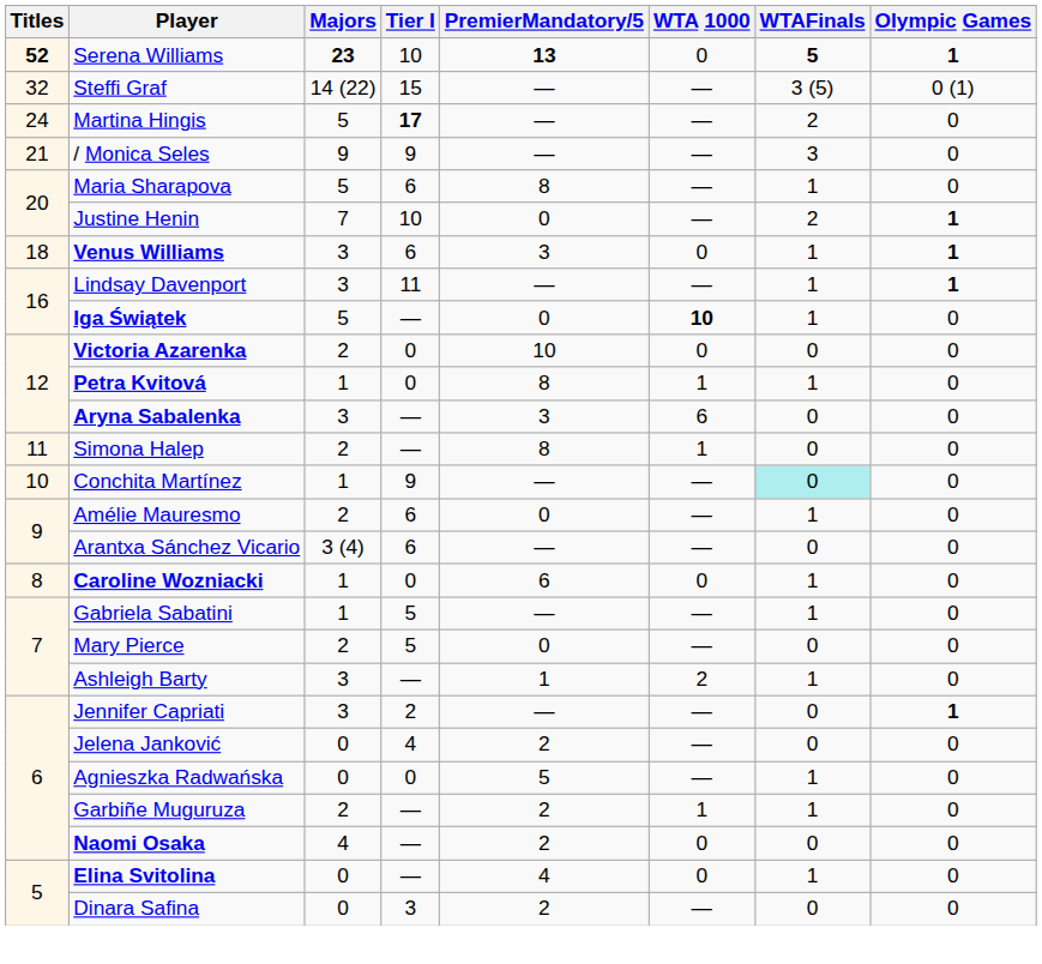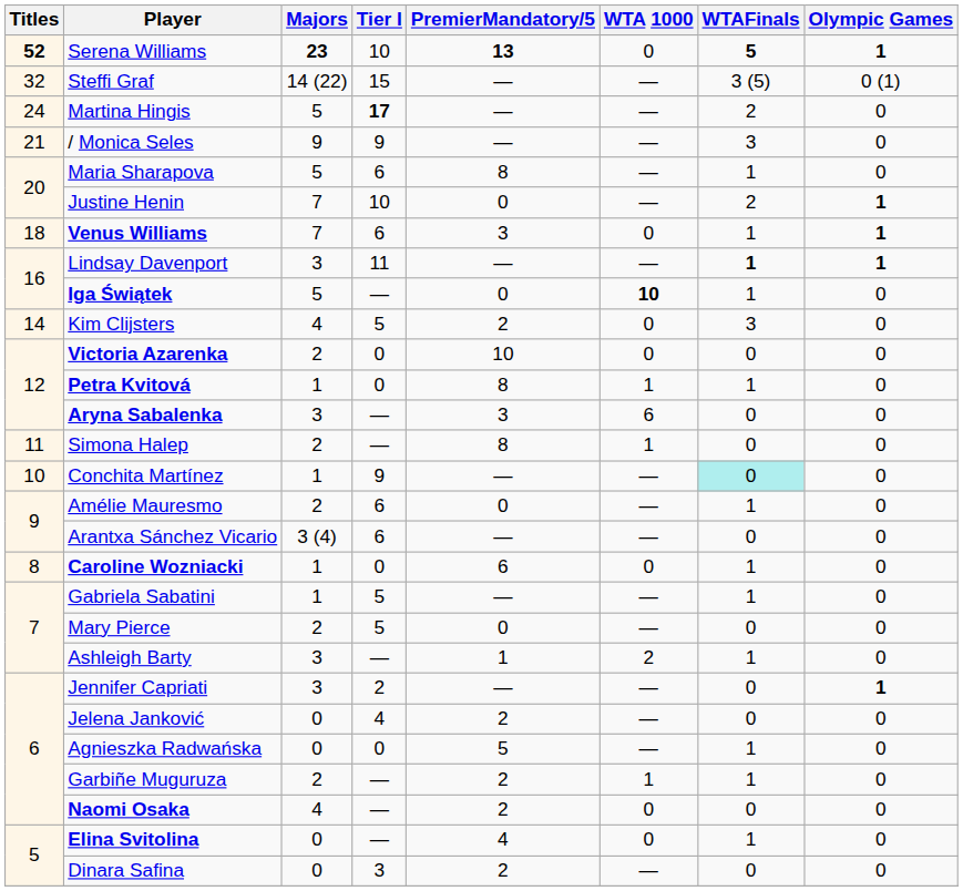 <table class="wikitable" style="text-align: center;">
 <tr>
 <th>Titles</th>
 <th>Player</th>
 <th><a href='#'>Majors</a></th>
 <th><a href='#'>Tier I</a></th>
 <th><a href='#'>PremierMandatory/5</a></th>
 <th><a href='#'>WTA</a> <a href='#'>1000</a></th>
 <th><a href='#'>WTA</a><a href='#'>Finals</a></th>
 <th><a href='#'>Olympic</a> <a href='#'>Games</a></th>
 </tr>
 <tr>
 <td style="background: #fef6e7;"><strong>52</strong></td>
 <td align="left"> <a href='#'>Serena Williams</a></td>
 <td><strong>23</strong></td>
 <td>10</td>
 <td><strong>13</strong></td>
 <td>0</td>
 <td><strong>5</strong></td>
 <td><strong>1</strong></td>
 </tr>
 <tr>
 <td style="background: #fef6e7;">32</td>
 <td align="left"> <a href='#'>Steffi Graf</a></td>
 <td>14 (22)</td>
 <td>15</td>
 <td>—</td>
 <td>—</td>
 <td>3 (5)</td>
 <td>0 (1)</td>
 </tr>
 <tr>
 <td style="background: #fef6e7;">24</td>
 <td align="left"> <a href='#'>Martina Hingis</a></td>
 <td>5</td>
 <td><strong>17</strong></td>
 <td>—</td>
 <td>—</td>
 <td>2</td>
 <td>0</td>
 </tr>
 <tr>
 <td style="background: #fef6e7;">21</td>
 <td align="left">/ <a href='#'>Monica Seles</a></td>
 <td>9</td>
 <td>9</td>
 <td>—</td>
 <td>—</td>
 <td>3</td>
 <td>0</td>
 </tr>
 <tr>
 <td rowspan="2" style="background: #fef6e7;">20</td>
 <td align="left"> <a href='#'>Maria Sharapova</a></td>
 <td>5</td>
 <td>6</td>
 <td>8</td>
 <td>—</td>
 <td>1</td>
 <td>0</td>
 </tr>
 <tr>
 <td align="left"> <a href='#'>Justine Henin</a></td>
 <td>7</td>
 <td>10</td>
 <td>0</td>
 <td>—</td>
 <td>2</td>
 <td><strong>1</strong></td>
 </tr>
 <tr>
 <td style="background: #fef6e7;">18</td>
 <td align="left"> <strong><a href='#'>Venus Williams</a></strong></td>
-<td>3</td>
+<td>7</td>
 <td>6</td>
 <td>3</td>
 <td>0</td>
 <td>1</td>
 <td><strong>1</strong></td>
 </tr>
 <tr>
 <td rowspan="2" style="background: #fef6e7;">16</td>
 <td align="left"> <a href='#'>Lindsay Davenport</a></td>
 <td>3</td>
 <td>11</td>
 <td>—</td>
 <td>—</td>
-<td>1</td>
+<td><strong>1</strong></td>
 <td><strong>1</strong></td>
 </tr>
 <tr>
 <td align="left"> <strong><a href='#'>Iga Świątek</a> </strong></td>
 <td>5</td>
 <td>—</td>
 <td>0</td>
 <td><strong>10</strong></td>
 <td>1</td>
+<td>0</td>
+</tr>
+<tr>
+<td style="background: #fef6e7;">14</td>
+<td align="left"> <a href='#'>Kim Clijsters</a></td>
+<td>4</td>
+<td>5</td>
+<td>2</td>
+<td>0</td>
+<td>3</td>
 <td>0</td>
 </tr>
 <tr>
 <td rowspan="3" style="background: #fef6e7;">12</td>
 <td align="left"> <strong><a href='#'>Victoria Azarenka</a></strong></td>
 <td>2</td>
 <td>0</td>
 <td>10</td>
 <td>0</td>
 <td>0</td>
 <td>0</td>
 </tr>
 <tr>
 <td align="left"> <strong><a href='#'>Petra Kvitová</a></strong></td>
 <td>1</td>
 <td>0</td>
 <td>8</td>
 <td>1</td>
 <td>1</td>
 <td>0</td>
 </tr>
 <tr>
 <td align="left"> <strong><a href='#'>Aryna Sabalenka</a></strong></td>
 <td>3</td>
 <td>—</td>
 <td>3</td>
 <td>6</td>
 <td>0</td>
 <td>0</td>
 </tr>
 <tr>
 <td rowspan="1" style="background: #fef6e7;">11</td>
 <td align="left"> <a href='#'>Simona Halep</a></td>
 <td>2</td>
 <td>—</td>
 <td>8</td>
 <td>1</td>
 <td>0</td>
 <td>0</td>
 </tr>
 <tr>
 <td rowspan="1" style="background: #fef6e7;">10</td>
 <td align="left"> <a href='#'>Conchita Martínez</a></td>
 <td>1</td>
 <td>9</td>
 <td>—</td>
 <td>—</td>
 <td style="background: paleturquoise;">0</td>
 <td>0</td>
 </tr>
 <tr>
 <td rowspan="2" style="background: #fef6e7;">9</td>
 <td align="left"> <a href='#'>Amélie Mauresmo</a></td>
 <td>2</td>
 <td>6</td>
 <td>0</td>
 <td>—</td>
 <td>1</td>
 <td>0</td>
 </tr>
 <tr>
 <td align="left"> <a href='#'>Arantxa Sánchez Vicario</a></td>
 <td>3 (4)</td>
 <td>6</td>
 <td>—</td>
 <td>—</td>
 <td>0</td>
 <td>0</td>
 </tr>
 <tr>
 <td rowspan="1" style="background: #fef6e7;">8</td>
 <td align="left"> <strong><a href='#'>Caroline Wozniacki</a></strong></td>
 <td>1</td>
 <td>0</td>
 <td>6</td>
 <td>0</td>
 <td>1</td>
 <td>0</td>
 </tr>
 <tr>
 <td rowspan="3" style="background: #fef6e7;">7</td>
 <td align="left"> <a href='#'>Gabriela Sabatini</a></td>
 <td>1</td>
 <td>5</td>
 <td>—</td>
 <td>—</td>
 <td>1</td>
 <td>0</td>
 </tr>
 <tr>
 <td align="left"> <a href='#'>Mary Pierce</a></td>
 <td>2</td>
 <td>5</td>
 <td>0</td>
 <td>—</td>
 <td>0</td>
 <td>0</td>
 </tr>
 <tr>
 <td align="left"> <a href='#'>Ashleigh Barty</a></td>
 <td>3</td>
 <td>—</td>
 <td>1</td>
 <td>2</td>
 <td>1</td>
 <td>0</td>
 </tr>
 <tr>
 <td rowspan="5" style="background: #fef6e7;">6</td>
 <td align="left"> <a href='#'>Jennifer Capriati</a></td>
 <td>3</td>
 <td>2</td>
 <td>—</td>
 <td>—</td>
 <td>0</td>
 <td><strong>1</strong></td>
 </tr>
 <tr>
 <td align="left"> <a href='#'>Jelena Janković</a></td>
 <td>0</td>
 <td>4</td>
 <td>2</td>
 <td>—</td>
 <td>0</td>
 <td>0</td>
 </tr>
 <tr>
 <td align="left"> <a href='#'>Agnieszka Radwańska</a></td>
 <td>0</td>
 <td>0</td>
 <td>5</td>
 <td>—</td>
 <td>1</td>
 <td>0</td>
 </tr>
 <tr>
 <td align="left"> <a href='#'>Garbiñe Muguruza</a></td>
 <td>2</td>
 <td>—</td>
 <td>2</td>
 <td>1</td>
 <td>1</td>
 <td>0</td>
 </tr>
 <tr>
 <td align="left"> <strong><a href='#'>Naomi Osaka</a></strong></td>
 <td>4</td>
 <td>—</td>
 <td>2</td>
 <td>0</td>
 <td>0</td>
 <td>0</td>
 </tr>
 <tr>
 <td rowspan="2" style="background: #fef6e7;">5</td>
 <td align="left"> <strong><a href='#'>Elina Svitolina</a></strong></td>
 <td>0</td>
 <td>—</td>
 <td>4</td>
 <td>0</td>
 <td>1</td>
 <td>0</td>
 </tr>
 <tr>
 <td align="left"> <a href='#'>Dinara Safina</a></td>
 <td>0</td>
 <td>3</td>
 <td>2</td>
 <td>—</td>
 <td>0</td>
 <td>0</td>
 </tr>
 <tr>
 </tr>
 </table>
